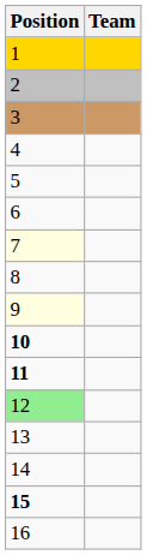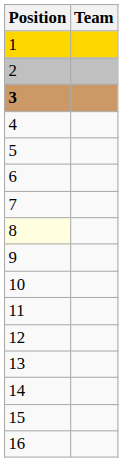 <table class="wikitable">
 <tr>
 <th>Position</th>
 <th>Team</th>
 </tr>
 <tr style="background:gold;">
 <td>1</td>
 <td></td>
 </tr>
 <tr style="background:silver;">
 <td>2</td>
 <td></td>
 </tr>
 <tr style="background:#cc9966;">
-<td>3</td>
+<td><strong>3</strong></td>
 <td></td>
 </tr>
 <tr>
 <td>4</td>
 <td></td>
 </tr>
 <tr>
 <td>5</td>
 <td></td>
 </tr>
 <tr>
 <td>6</td>
 <td></td>
 </tr>
 <tr>
-<td style="background: lightyellow;">7</td>
+<td>7</td>
 <td></td>
 </tr>
 <tr>
-<td>8</td>
+<td style="background: lightyellow;">8</td>
 <td></td>
 </tr>
 <tr>
-<td style="background: lightyellow;">9</td>
+<td>9</td>
 <td></td>
 </tr>
 <tr>
-<td><strong>10</strong></td>
+<td>10</td>
 <td></td>
 </tr>
 <tr>
-<td><strong>11</strong></td>
+<td>11</td>
 <td></td>
 </tr>
 <tr>
-<td style="background: lightgreen;">12</td>
+<td>12</td>
 <td></td>
 </tr>
 <tr>
 <td>13</td>
 <td></td>
 </tr>
 <tr>
 <td>14</td>
 <td></td>
 </tr>
 <tr>
-<td><strong>15</strong></td>
+<td>15</td>
 <td></td>
 </tr>
 <tr>
 <td>16</td>
 <td></td>
 </tr>
 </table>
